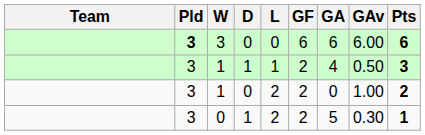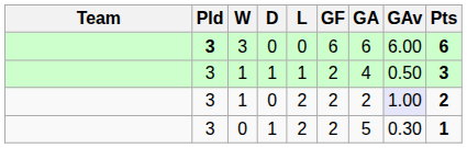 <table class="wikitable" style="text-align:center;">
 <tr>
 <th width=165>Team</th>
 <th width=20>Pld</th>
 <th width=20>W</th>
 <th width=20>D</th>
 <th width=20>L</th>
 <th width=20>GF</th>
 <th width=20>GA</th>
 <th width=20>GAv</th>
 <th width=20>Pts</th>
 </tr>
 <tr bgcolor="#ccffcc">
 <td align="left"></td>
 <td><strong>3</strong></td>
 <td>3</td>
 <td>0</td>
 <td>0</td>
 <td>6</td>
 <td>6</td>
 <td>6.00</td>
 <td><strong>6</strong></td>
 </tr>
 <tr bgcolor="#ccffcc">
 <td align="left"></td>
 <td>3</td>
 <td>1</td>
 <td>1</td>
 <td>1</td>
 <td>2</td>
 <td>4</td>
 <td>0.50</td>
 <td><strong>3</strong></td>
 </tr>
 <tr>
 <td align="left"></td>
 <td>3</td>
 <td>1</td>
 <td>0</td>
 <td>2</td>
 <td>2</td>
-<td>0</td>
-<td>1.00</td>
+<td>2</td>
+<td style="background: lavender;">1.00</td>
 <td><strong>2</strong></td>
 </tr>
 <tr>
 <td align="left"></td>
 <td>3</td>
 <td>0</td>
 <td>1</td>
 <td>2</td>
 <td>2</td>
 <td>5</td>
 <td>0.30</td>
 <td><strong>1</strong></td>
 </tr>
 </table>
